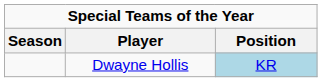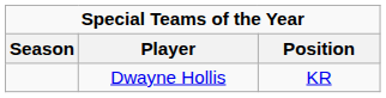 <table class="wikitable sortable" style="text-align:center">
 <tr>
 <td colspan="4"><strong>Special Teams of the Year</strong></td>
 </tr>
 <tr>
 <th style="width:50px; ">Season</th>
 <th style="width:150px; ">Player</th>
 <th style="width:100px; ">Position</th>
 </tr>
 <tr>
 <td></td>
 <td><a href='#'>Dwayne Hollis</a></td>
-<td style="background: lightblue;"><a href='#'>KR</a></td>
+<td><a href='#'>KR</a></td>
 </tr>
 </table>
